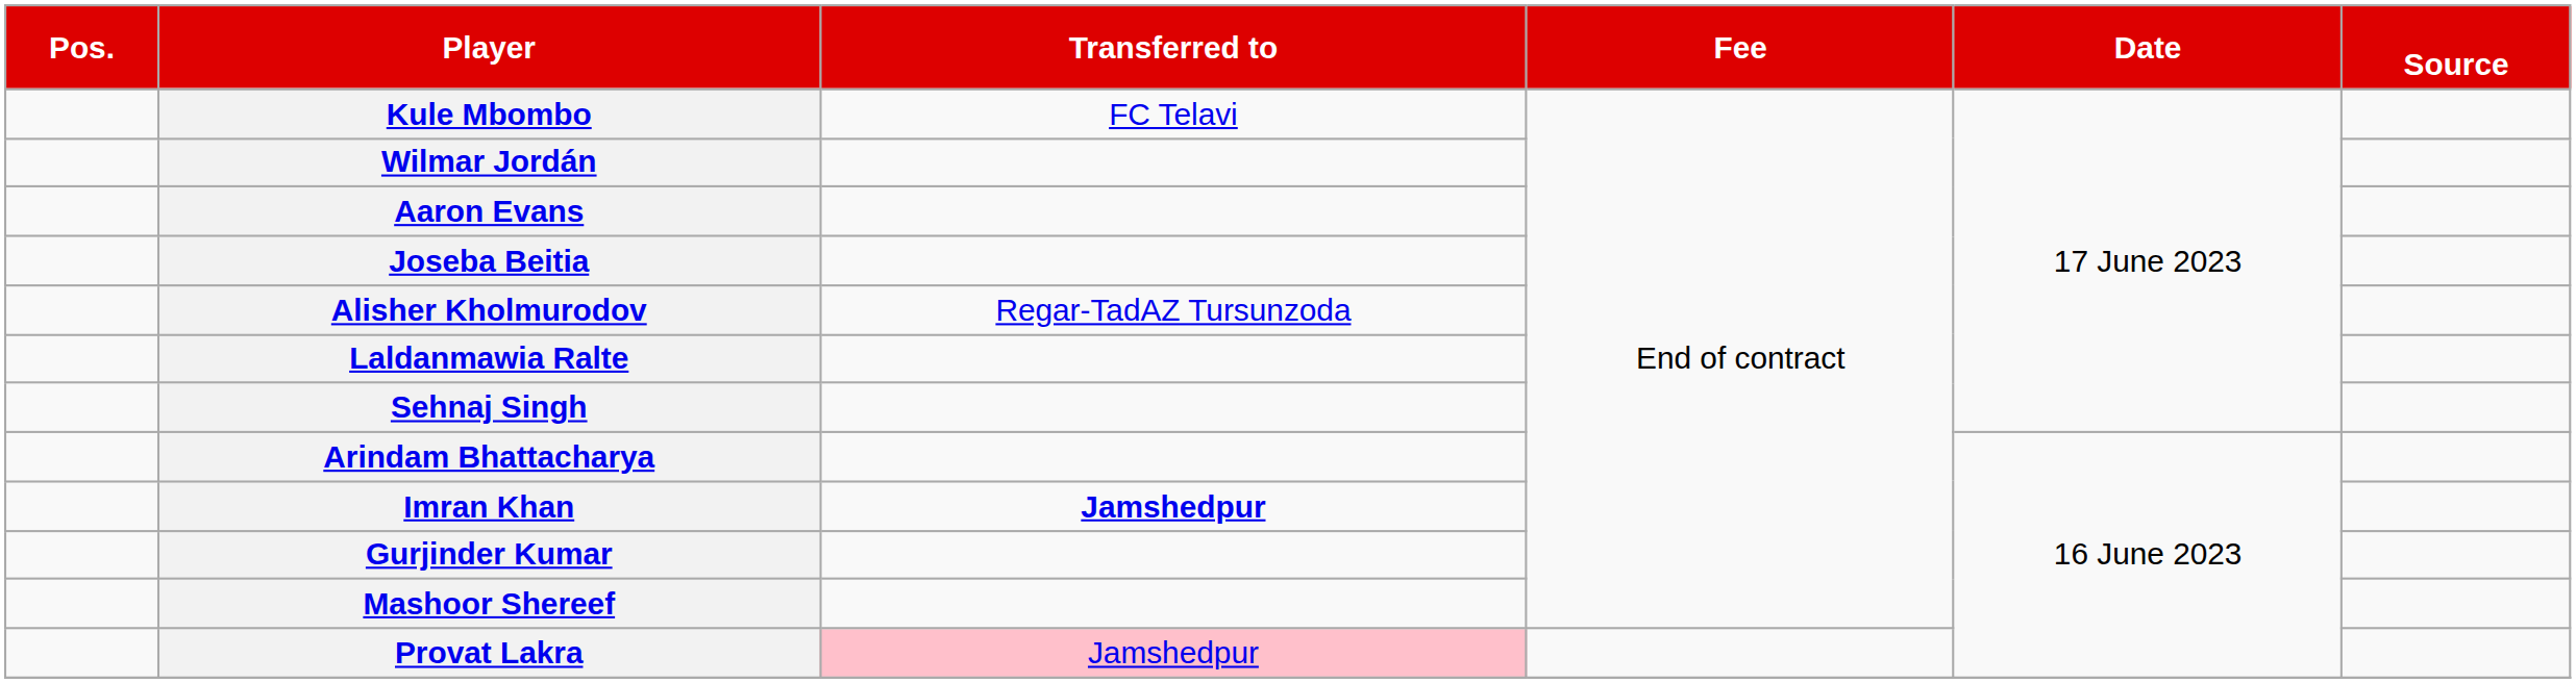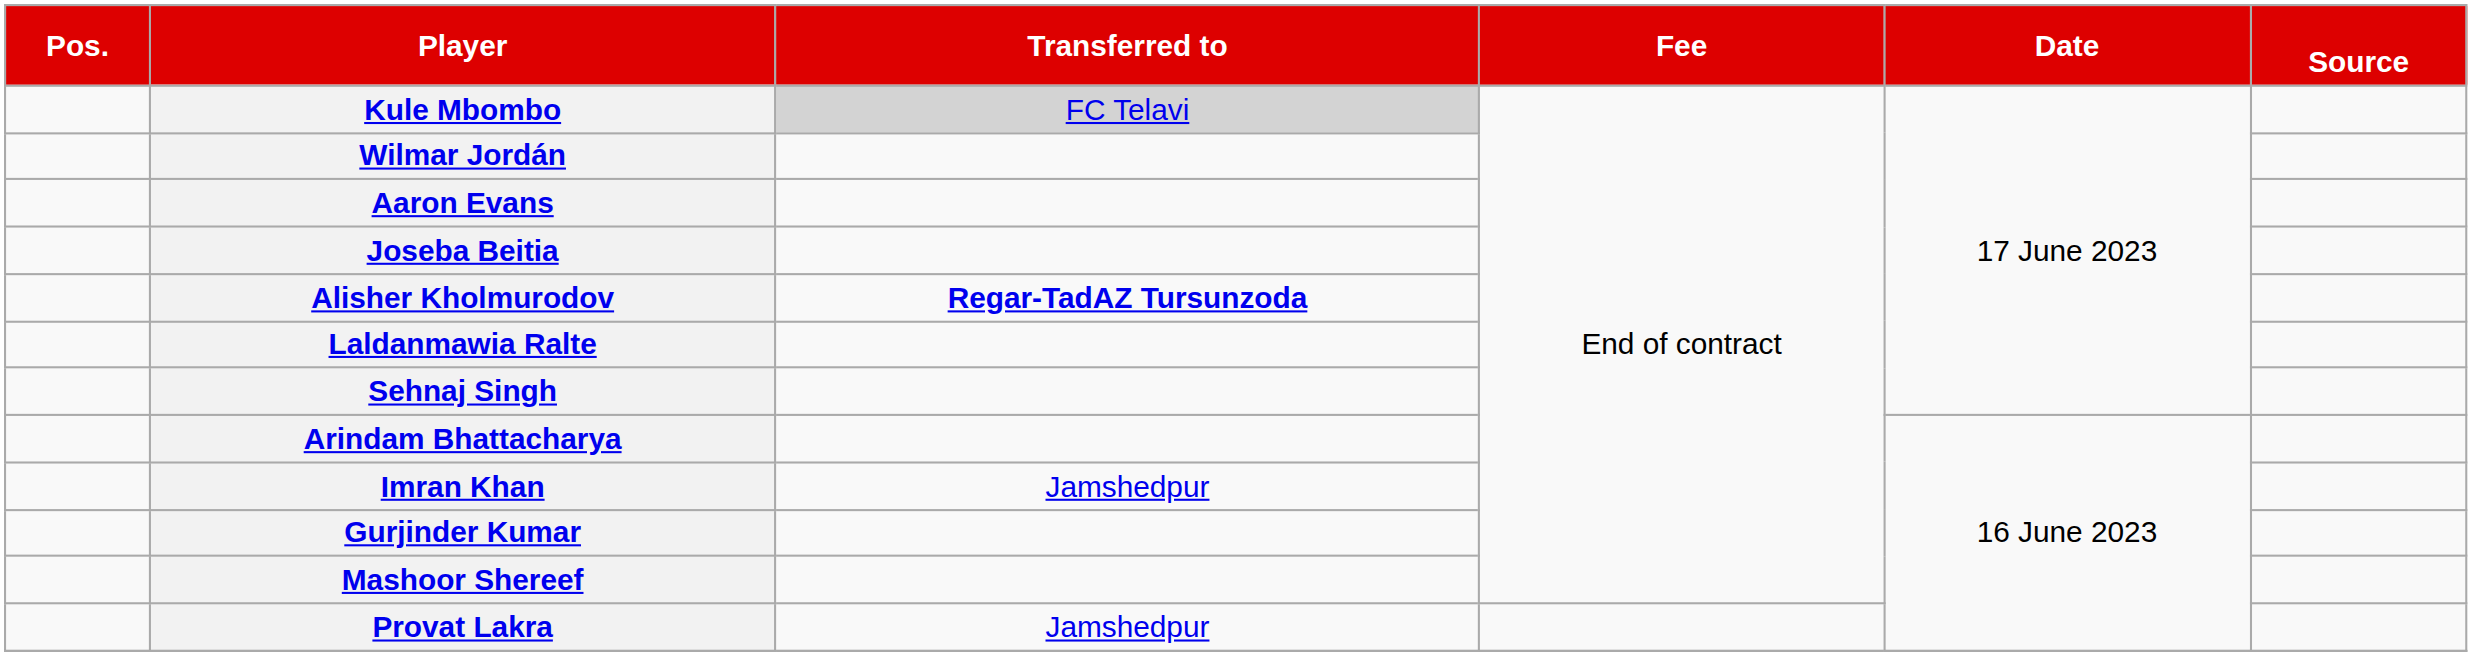 <table class="wikitable" style="text-align:center; font-size:90%; width:60%">
 <tr>
 <th style="background:#DD0000; color:white; text-align:center;">Pos.</th>
 <th style="background:#DD0000; color:white; text-align:center;">Player</th>
 <th style="background:#DD0000; color:white; text-align:center;">Transferred to</th>
 <th style="background:#DD0000; color:white; text-align:center;">Fee</th>
 <th style="background:#DD0000; color:white; text-align:center;">Date</th>
 <th style="background:#DD0000; color:white; text-align:center;"><br>Source</th>
 </tr>
 <tr>
 <td></td>
 <th scope="row"> <a href='#'>Kule Mbombo</a></th>
-<td> <a href='#'>FC Telavi</a></td>
+<td style="background: lightgrey;"> <a href='#'>FC Telavi</a></td>
 <td rowspan="11">End of contract</td>
 <td rowspan="7">17 June 2023</td>
 <td></td>
 </tr>
 <tr>
 <td></td>
 <th scope="row"> <a href='#'>Wilmar Jordán</a></th>
 <td></td>
 <td></td>
 </tr>
 <tr>
 <td></td>
 <th scope="row"> <a href='#'>Aaron Evans</a></th>
 <td></td>
 <td></td>
 </tr>
 <tr>
 <td></td>
 <th scope="row"> <a href='#'>Joseba Beitia</a></th>
 <td></td>
 <td></td>
 </tr>
 <tr>
 <td></td>
 <th scope="row"> <a href='#'>Alisher Kholmurodov</a></th>
-<td> <a href='#'>Regar-TadAZ Tursunzoda</a></td>
+<td><strong> <a href='#'>Regar-TadAZ Tursunzoda</a></strong></td>
 <td></td>
 </tr>
 <tr>
 <td></td>
 <th scope="row"> <a href='#'>Laldanmawia Ralte</a></th>
 <td></td>
 <td></td>
 </tr>
 <tr>
 <td></td>
 <th scope="row"> <a href='#'>Sehnaj Singh</a></th>
 <td></td>
 <td></td>
 </tr>
 <tr>
 <td></td>
 <th scope="row"> <a href='#'>Arindam Bhattacharya</a></th>
 <td></td>
 <td rowspan="5">16 June 2023</td>
 <td></td>
 </tr>
 <tr>
 <td></td>
 <th scope="row"> <a href='#'>Imran Khan</a></th>
-<td><strong><a href='#'>Jamshedpur</a></strong></td>
+<td><a href='#'>Jamshedpur</a></td>
 <td></td>
 </tr>
 <tr>
 <td></td>
 <th scope="row"> <a href='#'>Gurjinder Kumar</a></th>
 <td></td>
 <td></td>
 </tr>
 <tr>
 <td></td>
 <th scope="row"> <a href='#'>Mashoor Shereef</a></th>
 <td></td>
 <td></td>
 </tr>
 <tr>
 <td></td>
 <th scope="row"> <a href='#'>Provat Lakra</a></th>
-<td style="background: pink;"><a href='#'>Jamshedpur</a></td>
+<td><a href='#'>Jamshedpur</a></td>
 <td></td>
 <td></td>
 </tr>
 <tr>
 </tr>
 </table>
